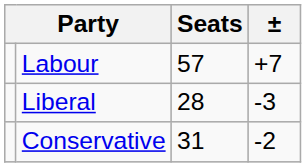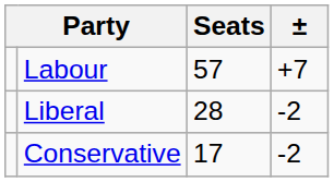 <table class="wikitable">
 <tr>
 <th colspan="2">Party</th>
 <th>Seats</th>
 <th>  ±  </th>
 </tr>
 <tr>
 <td style="background-color: "></td>
 <td><a href='#'>Labour</a></td>
 <td>57</td>
 <td>+7</td>
 </tr>
 <tr>
 <td style="background-color: "></td>
 <td><a href='#'>Liberal</a></td>
 <td>28</td>
-<td>-3</td>
+<td>-2</td>
 </tr>
 <tr>
 <td style="background-color: "></td>
 <td><a href='#'>Conservative</a></td>
-<td>31</td>
+<td>17</td>
 <td>-2</td>
 </tr>
 </table>
